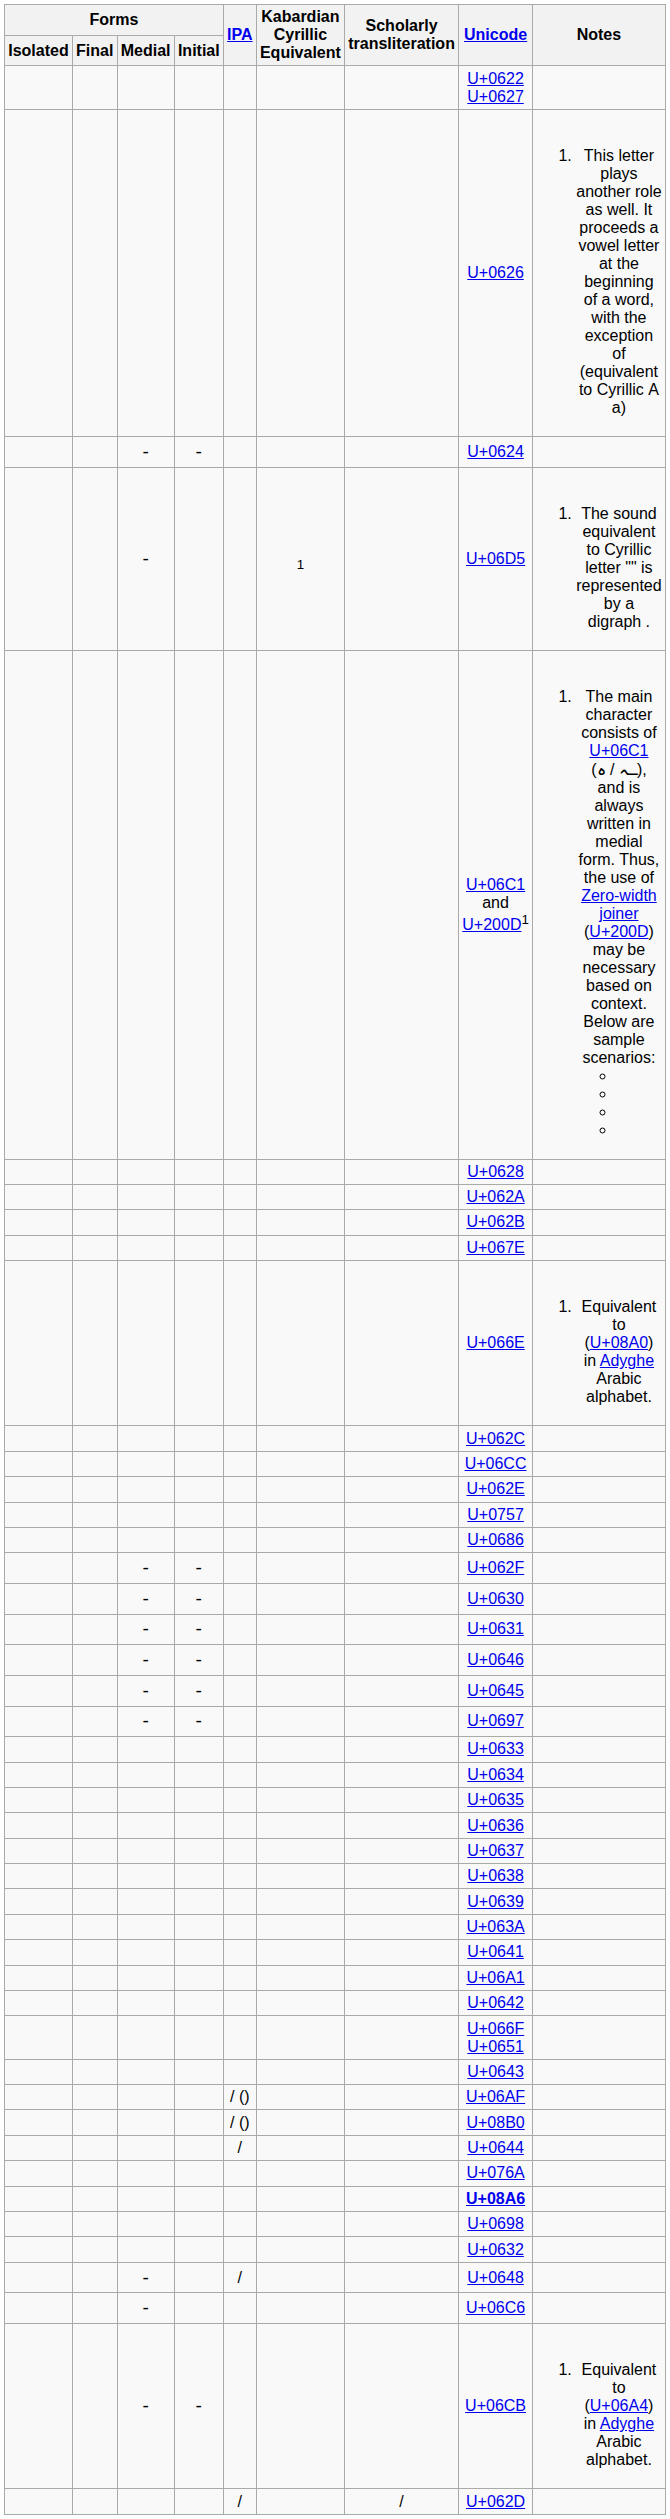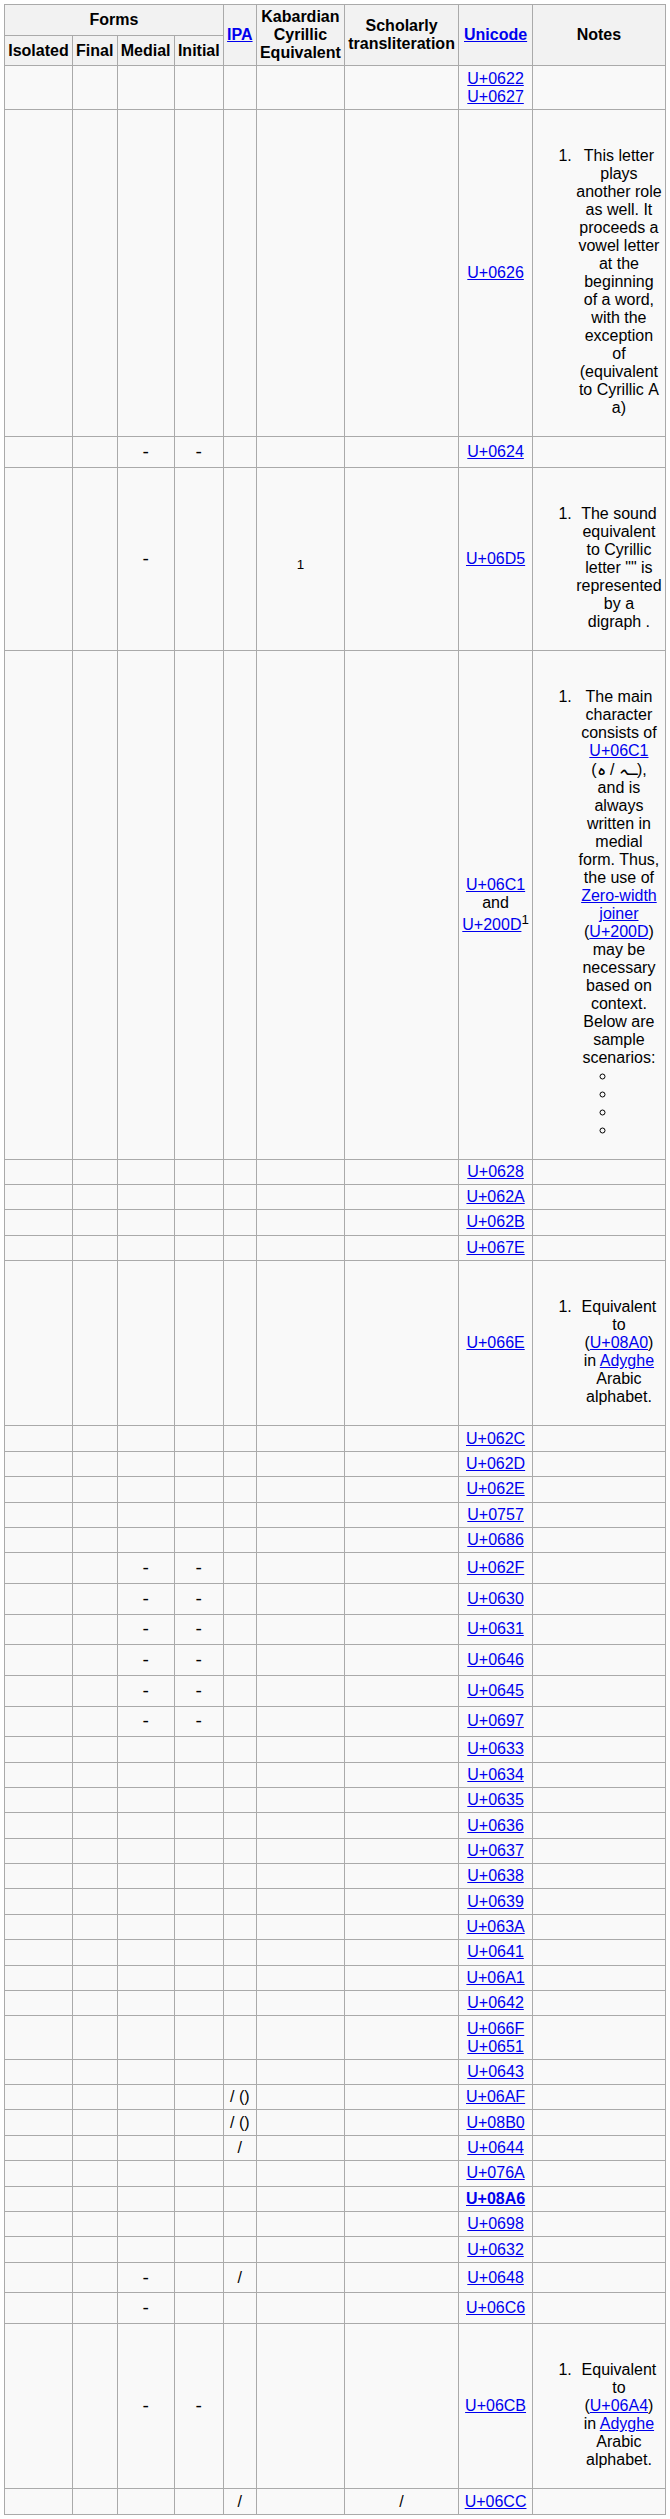 <table class="wikitable sortable" style="text-align:center">
 <tr>
 <th colspan="4">Forms</th>
 <th rowspan=2><a href='#'>IPA</a></th>
 <th rowspan=2>Kabardian Cyrillic Equivalent</th>
 <th rowspan=2>Scholarly transliteration</th>
 <th rowspan=2><a href='#'>Unicode</a></th>
 <th rowspan=2>Notes</th>
 </tr>
 <tr>
 <th>Isolated</th>
 <th>Final</th>
 <th>Medial</th>
 <th>Initial</th>
 </tr>
 <tr>
 <td style="font-size:120%;"></td>
 <td style="font-size:120%;"></td>
 <td style="font-size:120%;"></td>
 <td style="font-size:120%;"></td>
 <td style="white-space:nowrap;"></td>
 <td></td>
 <td></td>
 <td><a href='#'>U+0622</a><br><a href='#'>U+0627</a></td>
 <td></td>
 </tr>
 <tr>
 <td style="font-size:120%;"></td>
 <td style="font-size:120%;"></td>
 <td style="font-size:120%;"></td>
 <td style="font-size:120%;"></td>
 <td style="white-space:nowrap;"></td>
 <td></td>
 <td></td>
 <td><a href='#'>U+0626</a></td>
 <td><br><ol><li>This letter plays another role as well. It proceeds a vowel letter at the beginning of a word, with the exception of  (equivalent to Cyrillic А а)</li></ol></td>
 </tr>
 <tr>
 <td style="font-size:120%;"></td>
 <td style="font-size:120%;"></td>
 <td style="font-size:120%;">-</td>
 <td style="font-size:120%;">-</td>
 <td style="white-space:nowrap;"></td>
 <td></td>
 <td></td>
 <td><a href='#'>U+0624</a></td>
 <td></td>
 </tr>
 <tr>
 <td style="font-size:120%;"></td>
 <td style="font-size:120%;"></td>
 <td style="font-size:120%;">-</td>
 <td style="font-size:120%;"></td>
 <td style="white-space:nowrap;"></td>
 <td><br><sup>1</sup></td>
 <td><br> </td>
 <td><a href='#'>U+06D5</a></td>
 <td><br><ol><li>The sound equivalent to Cyrillic letter "" is represented by a digraph .</li></ol></td>
 </tr>
 <tr>
 <td style="font-size:120%;"></td>
 <td style="font-size:120%;"></td>
 <td style="font-size:120%;"></td>
 <td style="font-size:120%;"></td>
 <td style="white-space:nowrap;"></td>
 <td></td>
 <td></td>
 <td><a href='#'>U+06C1</a><br>and<br><a href='#'>U+200D</a><sup>1</sup></td>
 <td><br><ol><li>The main character consists of <a href='#'>U+06C1</a> (ـہ / ہ), and is always written in medial form. Thus, the use of <a href='#'>Zero-width joiner</a> (<a href='#'>U+200D</a>) may be necessary based on context. Below are sample scenarios:<ul><li></li><li></li><li></li><li></li></ul></li></ol></td>
 </tr>
 <tr>
 <td style="font-size:120%;"></td>
 <td style="font-size:120%;"></td>
 <td style="font-size:120%;"></td>
 <td style="font-size:120%;"></td>
 <td style="white-space:nowrap;"></td>
 <td></td>
 <td></td>
 <td><a href='#'>U+0628</a></td>
 <td></td>
 </tr>
 <tr>
 <td style="font-size:120%;"></td>
 <td style="font-size:120%;"></td>
 <td style="font-size:120%;"></td>
 <td style="font-size:120%;"></td>
 <td style="white-space:nowrap;"></td>
 <td></td>
 <td></td>
 <td><a href='#'>U+062A</a></td>
 <td></td>
 </tr>
 <tr>
 <td style="font-size:120%;"></td>
 <td style="font-size:120%;"></td>
 <td style="font-size:120%;"></td>
 <td style="font-size:120%;"></td>
 <td style="white-space:nowrap;"></td>
 <td></td>
 <td></td>
 <td><a href='#'>U+062B</a></td>
 <td></td>
 </tr>
 <tr>
 <td style="font-size:120%;"></td>
 <td style="font-size:120%;"></td>
 <td style="font-size:120%;"></td>
 <td style="font-size:120%;"></td>
 <td style="white-space:nowrap;"></td>
 <td></td>
 <td></td>
 <td><a href='#'>U+067E</a></td>
 <td></td>
 </tr>
 <tr>
 <td style="font-size:120%;"></td>
 <td style="font-size:120%;"></td>
 <td style="font-size:120%;"></td>
 <td style="font-size:120%;"></td>
 <td style="white-space:nowrap;"></td>
 <td></td>
 <td></td>
 <td><a href='#'>U+066E</a></td>
 <td><br><ol><li>Equivalent to  (<a href='#'>U+08A0</a>) in <a href='#'>Adyghe</a> Arabic alphabet.</li></ol></td>
 </tr>
 <tr>
 <td style="font-size:120%;"></td>
 <td style="font-size:120%;"></td>
 <td style="font-size:120%;"></td>
 <td style="font-size:120%;"></td>
 <td style="white-space:nowrap;"></td>
 <td></td>
 <td></td>
 <td><a href='#'>U+062C</a></td>
 <td></td>
 </tr>
 <tr>
 <td style="font-size:120%;"></td>
 <td style="font-size:120%;"></td>
 <td style="font-size:120%;"></td>
 <td style="font-size:120%;"></td>
 <td style="white-space:nowrap;"></td>
 <td></td>
 <td></td>
-<td><a href='#'>U+06CC</a></td>
+<td><a href='#'>U+062D</a></td>
 <td></td>
 </tr>
 <tr>
 <td style="font-size:120%;"></td>
 <td style="font-size:120%;"></td>
 <td style="font-size:120%;"></td>
 <td style="font-size:120%;"></td>
 <td style="white-space:nowrap;"></td>
 <td></td>
 <td></td>
 <td><a href='#'>U+062E</a></td>
 <td></td>
 </tr>
 <tr>
 <td style="font-size:120%;"></td>
 <td style="font-size:120%;"></td>
 <td style="font-size:120%;"></td>
 <td style="font-size:120%;"></td>
 <td style="white-space:nowrap;"></td>
 <td></td>
 <td></td>
 <td><a href='#'>U+0757</a></td>
 <td></td>
 </tr>
 <tr>
 <td style="font-size:120%;"></td>
 <td style="font-size:120%;"></td>
 <td style="font-size:120%;"></td>
 <td style="font-size:120%;"></td>
 <td style="white-space:nowrap;"></td>
 <td></td>
 <td></td>
 <td><a href='#'>U+0686</a></td>
 <td></td>
 </tr>
 <tr>
 <td style="font-size:120%;"></td>
 <td style="font-size:120%;"></td>
 <td style="font-size:120%;">-</td>
 <td style="font-size:120%;">-</td>
 <td style="white-space:nowrap;"></td>
 <td></td>
 <td></td>
 <td><a href='#'>U+062F</a></td>
 <td></td>
 </tr>
 <tr>
 <td style="font-size:120%;"></td>
 <td style="font-size:120%;"></td>
 <td style="font-size:120%;">-</td>
 <td style="font-size:120%;">-</td>
 <td style="white-space:nowrap;"></td>
 <td></td>
 <td></td>
 <td><a href='#'>U+0630</a></td>
 <td></td>
 </tr>
 <tr>
 <td style="font-size:120%;"></td>
 <td style="font-size:120%;"></td>
 <td style="font-size:120%;">-</td>
 <td style="font-size:120%;">-</td>
 <td style="white-space:nowrap;"></td>
 <td></td>
 <td></td>
 <td><a href='#'>U+0631</a></td>
 <td></td>
 </tr>
 <tr>
 <td style="font-size:120%;"></td>
 <td style="font-size:120%;"></td>
 <td style="font-size:120%;">-</td>
 <td style="font-size:120%;">-</td>
 <td style="white-space:nowrap;"></td>
 <td></td>
 <td></td>
 <td><a href='#'>U+0646</a></td>
 <td></td>
 </tr>
 <tr>
 <td style="font-size:120%;"></td>
 <td style="font-size:120%;"></td>
 <td style="font-size:120%;">-</td>
 <td style="font-size:120%;">-</td>
 <td style="white-space:nowrap;"></td>
 <td></td>
 <td></td>
 <td><a href='#'>U+0645</a></td>
 <td></td>
 </tr>
 <tr>
 <td style="font-size:120%;"></td>
 <td style="font-size:120%;"></td>
 <td style="font-size:120%;">-</td>
 <td style="font-size:120%;">-</td>
 <td style="white-space:nowrap;"></td>
 <td></td>
 <td></td>
 <td><a href='#'>U+0697</a></td>
 <td></td>
 </tr>
 <tr>
 <td style="font-size:120%;"></td>
 <td style="font-size:120%;"></td>
 <td style="font-size:120%;"></td>
 <td style="font-size:120%;"></td>
 <td style="white-space:nowrap;"></td>
 <td></td>
 <td></td>
 <td><a href='#'>U+0633</a></td>
 <td></td>
 </tr>
 <tr>
 <td style="font-size:120%;"></td>
 <td style="font-size:120%;"></td>
 <td style="font-size:120%;"></td>
 <td style="font-size:120%;"></td>
 <td style="white-space:nowrap;"></td>
 <td></td>
 <td></td>
 <td><a href='#'>U+0634</a></td>
 <td></td>
 </tr>
 <tr>
 <td style="font-size:120%;"></td>
 <td style="font-size:120%;"></td>
 <td style="font-size:120%;"></td>
 <td style="font-size:120%;"></td>
 <td style="white-space:nowrap;"></td>
 <td></td>
 <td></td>
 <td><a href='#'>U+0635</a></td>
 <td></td>
 </tr>
 <tr>
 <td style="font-size:120%;"></td>
 <td style="font-size:120%;"></td>
 <td style="font-size:120%;"></td>
 <td style="font-size:120%;"></td>
 <td style="white-space:nowrap;"></td>
 <td></td>
 <td></td>
 <td><a href='#'>U+0636</a></td>
 <td></td>
 </tr>
 <tr>
 <td style="font-size:120%;"></td>
 <td style="font-size:120%;"></td>
 <td style="font-size:120%;"></td>
 <td style="font-size:120%;"></td>
 <td style="white-space:nowrap;"></td>
 <td></td>
 <td></td>
 <td><a href='#'>U+0637</a></td>
 <td></td>
 </tr>
 <tr>
 <td style="font-size:120%;"></td>
 <td style="font-size:120%;"></td>
 <td style="font-size:120%;"></td>
 <td style="font-size:120%;"></td>
 <td style="white-space:nowrap;"></td>
 <td></td>
 <td></td>
 <td><a href='#'>U+0638</a></td>
 <td></td>
 </tr>
 <tr>
 <td style="font-size:120%;"></td>
 <td style="font-size:120%;"></td>
 <td style="font-size:120%;"></td>
 <td style="font-size:120%;"></td>
 <td style="white-space:nowrap;"></td>
 <td></td>
 <td></td>
 <td><a href='#'>U+0639</a></td>
 <td></td>
 </tr>
 <tr>
 <td style="font-size:120%;"></td>
 <td style="font-size:120%;"></td>
 <td style="font-size:120%;"></td>
 <td style="font-size:120%;"></td>
 <td style="white-space:nowrap;"></td>
 <td></td>
 <td></td>
 <td><a href='#'>U+063A</a></td>
 <td></td>
 </tr>
 <tr>
 <td style="font-size:120%;"></td>
 <td style="font-size:120%;"></td>
 <td style="font-size:120%;"></td>
 <td style="font-size:120%;"></td>
 <td style="white-space:nowrap;"></td>
 <td></td>
 <td></td>
 <td><a href='#'>U+0641</a></td>
 <td></td>
 </tr>
 <tr>
 <td style="font-size:120%;"></td>
 <td style="font-size:120%;"></td>
 <td style="font-size:120%;"></td>
 <td style="font-size:120%;"></td>
 <td style="white-space:nowrap;"></td>
 <td></td>
 <td></td>
 <td><a href='#'>U+06A1</a></td>
 <td></td>
 </tr>
 <tr>
 <td style="font-size:120%;"></td>
 <td style="font-size:120%;"></td>
 <td style="font-size:120%;"></td>
 <td style="font-size:120%;"></td>
 <td style="white-space:nowrap;"></td>
 <td></td>
 <td></td>
 <td><a href='#'>U+0642</a></td>
 <td></td>
 </tr>
 <tr>
 <td style="font-size:120%;"></td>
 <td style="font-size:120%;"></td>
 <td style="font-size:120%;"></td>
 <td style="font-size:120%;"></td>
 <td style="white-space:nowrap;"></td>
 <td></td>
 <td></td>
 <td><a href='#'>U+066F</a> <br><a href='#'>U+0651</a></td>
 <td></td>
 </tr>
 <tr>
 <td style="font-size:120%;"></td>
 <td style="font-size:120%;"></td>
 <td style="font-size:120%;"></td>
 <td style="font-size:120%;"></td>
 <td style="white-space:nowrap;"></td>
 <td></td>
 <td></td>
 <td><a href='#'>U+0643</a></td>
 <td></td>
 </tr>
 <tr>
 <td style="font-size:120%;"></td>
 <td style="font-size:120%;"></td>
 <td style="font-size:120%;"></td>
 <td style="font-size:120%;"></td>
 <td style="white-space:nowrap;">/ ()</td>
 <td></td>
 <td></td>
 <td><a href='#'>U+06AF</a></td>
 <td></td>
 </tr>
 <tr>
 <td style="font-size:120%;"></td>
 <td style="font-size:120%;"></td>
 <td style="font-size:120%;"></td>
 <td style="font-size:120%;"></td>
 <td style="white-space:nowrap;">/ ()</td>
 <td></td>
 <td><br></td>
 <td><a href='#'>U+08B0</a></td>
 <td></td>
 </tr>
 <tr>
 <td style="font-size:120%;"></td>
 <td style="font-size:120%;"></td>
 <td style="font-size:120%;"></td>
 <td style="font-size:120%;"></td>
 <td style="white-space:nowrap;">/</td>
 <td></td>
 <td></td>
 <td><a href='#'>U+0644</a></td>
 <td></td>
 </tr>
 <tr>
 <td style="font-size:120%;"></td>
 <td style="font-size:120%;"></td>
 <td style="font-size:120%;"></td>
 <td style="font-size:120%;"></td>
 <td style="white-space:nowrap;"></td>
 <td></td>
 <td></td>
 <td><a href='#'>U+076A</a></td>
 <td></td>
 </tr>
 <tr>
 <td style="font-size:120%;"></td>
 <td style="font-size:120%;"></td>
 <td style="font-size:120%;"></td>
 <td style="font-size:120%;"></td>
 <td style="white-space:nowrap;"></td>
 <td></td>
 <td></td>
 <td><strong><a href='#'>U+08A6</a></strong></td>
 <td></td>
 </tr>
 <tr>
 <td style="font-size:120%;"></td>
 <td style="font-size:120%;"></td>
 <td style="font-size:120%;"></td>
 <td style="font-size:120%;"></td>
 <td style="white-space:nowrap;"></td>
 <td></td>
 <td></td>
 <td><a href='#'>U+0698</a></td>
 <td></td>
 </tr>
 <tr>
 <td style="font-size:120%;"></td>
 <td style="font-size:120%;"></td>
 <td style="font-size:120%;"></td>
 <td style="font-size:120%;"></td>
 <td style="white-space:nowrap;"></td>
 <td></td>
 <td></td>
 <td><a href='#'>U+0632</a></td>
 <td></td>
 </tr>
 <tr>
 <td style="font-size:120%;"></td>
 <td style="font-size:120%;"></td>
 <td style="font-size:120%;">-</td>
 <td style="font-size:120%;"></td>
 <td style="white-space:nowrap;"> / </td>
 <td></td>
 <td><br></td>
 <td><a href='#'>U+0648</a></td>
 <td></td>
 </tr>
 <tr>
 <td style="font-size:120%;"></td>
 <td style="font-size:120%;"></td>
 <td style="font-size:120%;">-</td>
 <td style="font-size:120%;"></td>
 <td style="white-space:nowrap;"> </td>
 <td></td>
 <td></td>
 <td><a href='#'>U+06C6</a></td>
 <td></td>
 </tr>
 <tr>
 <td style="font-size:120%;"></td>
 <td style="font-size:120%;"></td>
 <td style="font-size:120%;">-</td>
 <td style="font-size:120%;">-</td>
 <td style="white-space:nowrap;"></td>
 <td></td>
 <td></td>
 <td><a href='#'>U+06CB</a></td>
 <td><br><ol><li>Equivalent to  (<a href='#'>U+06A4</a>) in <a href='#'>Adyghe</a> Arabic alphabet.</li></ol></td>
 </tr>
 <tr>
 <td style="font-size:120%;"></td>
 <td style="font-size:120%;"></td>
 <td style="font-size:120%;"></td>
 <td style="font-size:120%;"></td>
 <td style="white-space:nowrap;"> / </td>
 <td><br></td>
 <td> / </td>
-<td><a href='#'>U+062D</a></td>
+<td><a href='#'>U+06CC</a></td>
 <td></td>
 </tr>
 </table>
